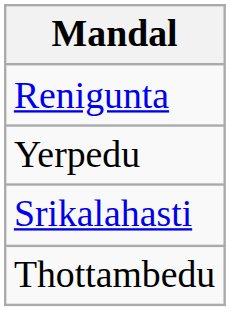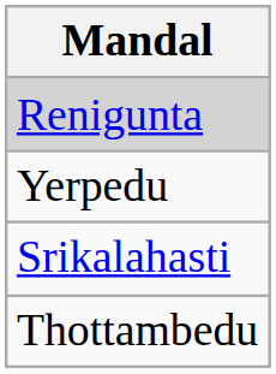 <table class="wikitable sortable static-row-numbers static-row-header-hash">
 <tr>
 <th>Mandal</th>
 </tr>
 <tr>
-<td><a href='#'>Renigunta</a></td>
+<td style="background: lightgrey;"><a href='#'>Renigunta</a></td>
 </tr>
 <tr>
 <td>Yerpedu</td>
 </tr>
 <tr>
 <td><a href='#'>Srikalahasti</a></td>
 </tr>
 <tr>
 <td>Thottambedu</td>
 </tr>
 </table>
